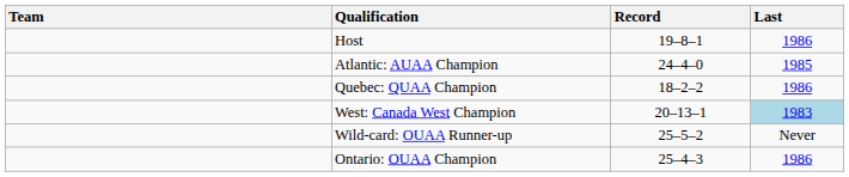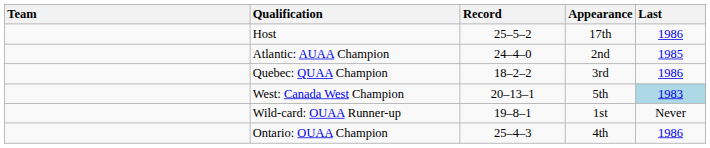 <table class="wikitable sortable" style="text-align: center;" width=900>
 <tr style="background:#efefef; text-align:center">
 <th style="text-align:left" width=35%>Team</th>
 <th style="text-align:left" width=30%>Qualification</th>
 <th style="text-align:left" width=15%>Record</th>
+<th style="text-align:left" width=10%>Appearance</th>
 <th style="text-align:left" width=10%>Last</th>
 </tr>
 <tr style="text-align:center">
 <td style="text-align:left; "><a href='#'></a></td>
 <td style="text-align:left">Host</td>
-<td style="text-align:center">19–8–1</td>
+<td style="text-align:center">25–5–2</td>
+<td style="text-align:center">17th</td>
 <td style="text-align:center"><a href='#'>1986</a></td>
 </tr>
 <tr style="text-align:center">
 <td style="text-align:left; "><a href='#'></a></td>
 <td style="text-align:left">Atlantic: <a href='#'>AUAA</a> Champion</td>
 <td style="text-align:center">24–4–0</td>
+<td style="text-align:center">2nd</td>
 <td style="text-align:center"><a href='#'>1985</a></td>
 </tr>
 <tr style="text-align:center">
 <td style="text-align:left; "><a href='#'></a></td>
 <td style="text-align:left">Quebec: <a href='#'>QUAA</a> Champion</td>
 <td style="text-align:center">18–2–2</td>
+<td style="text-align:center">3rd</td>
 <td style="text-align:center"><a href='#'>1986</a></td>
 </tr>
 <tr style="text-align:center">
 <td style="text-align:left; "><a href='#'></a></td>
 <td style="text-align:left">West: <a href='#'>Canada West</a> Champion</td>
 <td style="text-align:center">20–13–1</td>
+<td style="text-align:center">5th</td>
 <td style="background: lightblue; text-align:center"><a href='#'>1983</a></td>
 </tr>
 <tr style="text-align:center">
 <td style="text-align:left; "><a href='#'></a></td>
 <td style="text-align:left">Wild-card: <a href='#'>OUAA</a> Runner-up</td>
-<td style="text-align:center">25–5–2</td>
+<td style="text-align:center">19–8–1</td>
+<td style="text-align:center">1st</td>
 <td style="text-align:center">Never</td>
 </tr>
 <tr style="text-align:center">
 <td style="text-align:left; "><a href='#'></a></td>
 <td style="text-align:left">Ontario: <a href='#'>OUAA</a> Champion</td>
 <td style="text-align:center">25–4–3</td>
+<td style="text-align:center">4th</td>
 <td style="text-align:center"><a href='#'>1986</a></td>
 </tr>
 </table>
